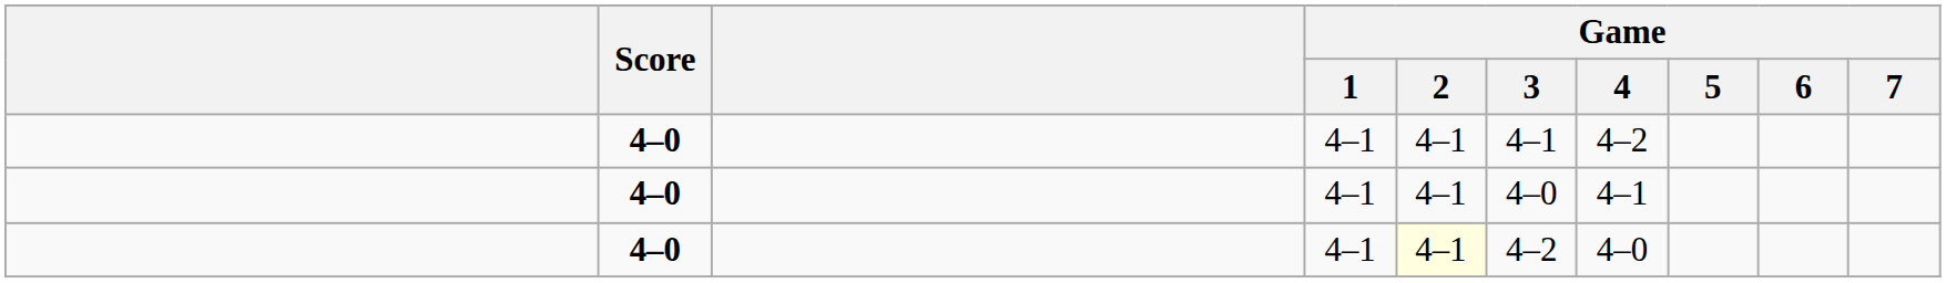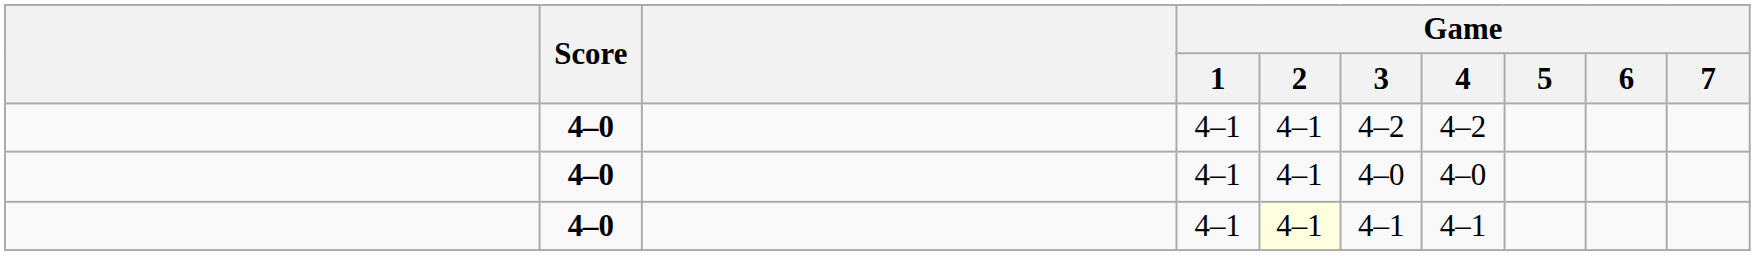 <table class="wikitable" style="text-align: center;">
 <tr>
 <th rowspan=2 align="right" width="270"></th>
 <th rowspan=2 width="45">Score</th>
 <th rowspan=2 align="left" width="270"></th>
 <th colspan=7>Game</th>
 </tr>
 <tr>
 <th width="35">1</th>
 <th width="35">2</th>
 <th width="35">3</th>
 <th width="35">4</th>
 <th width="35">5</th>
 <th width="35">6</th>
 <th width="35">7</th>
 </tr>
 <tr>
 <td align=left><strong></strong></td>
 <td align=center><strong>4–0</strong></td>
 <td align=left></td>
 <td>4–1</td>
 <td>4–1</td>
-<td>4–1</td>
+<td>4–2</td>
 <td>4–2</td>
 <td></td>
 <td></td>
 <td></td>
 </tr>
 <tr>
 <td align=left><strong></strong></td>
 <td align=center><strong>4–0</strong></td>
 <td align=left></td>
 <td>4–1</td>
 <td>4–1</td>
 <td>4–0</td>
-<td>4–1</td>
+<td>4–0</td>
 <td></td>
 <td></td>
 <td></td>
 </tr>
 <tr>
 <td align=left><strong></strong></td>
 <td align=center><strong>4–0</strong></td>
 <td align=left></td>
 <td>4–1</td>
 <td style="background: lightyellow;">4–1</td>
-<td>4–2</td>
-<td>4–0</td>
+<td>4–1</td>
+<td>4–1</td>
 <td></td>
 <td></td>
 <td></td>
 </tr>
 </table>
